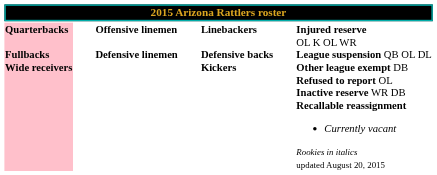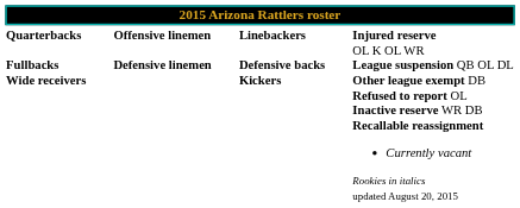 <table class="toccolours" style="text-align: left;">
 <tr>
 <th colspan=7 style="background:#000; border: 2px solid #00ADA9; color:#DAA520; text-align:center;"><strong>2015 Arizona Rattlers roster</strong></th>
 </tr>
 <tr>
-<td style="background: pink; font-size: 95%;vertical-align:top;"><strong>Quarterbacks</strong><br> <br><strong>Fullbacks</strong> <br><strong>Wide receivers</strong>     </td>
+<td style="font-size: 95%;vertical-align:top;"><strong>Quarterbacks</strong><br> <br><strong>Fullbacks</strong> <br><strong>Wide receivers</strong>     </td>
 <td style="width: 25px;"></td>
 <td style="font-size: 95%;vertical-align:top;"><strong>Offensive linemen</strong><br>    <br><strong>Defensive linemen</strong>     </td>
 <td style="width: 25px;"></td>
 <td style="font-size: 95%;vertical-align:top;"><strong>Linebackers</strong><br><br><strong>Defensive backs</strong>    <br><strong>Kickers</strong> </td>
 <td style="width: 25px;"></td>
 <td style="font-size: 95%;vertical-align:top;"><strong>Injured reserve</strong><br>  OL  K  OL   WR <br><strong>League suspension</strong>    QB   OL      DL <br><strong>Other league exempt</strong>  DB      <br><strong>Refused to report</strong>  OL<br><strong>Inactive reserve</strong>  WR  DB<br><strong>Recallable reassignment</strong><ul><li><em>Currently vacant</em></li></ul><small><em>Rookies in italics</em><br><span></span> updated August 20, 2015</small><br> </td>
 </tr>
 <tr>
 </tr>
 </table>
